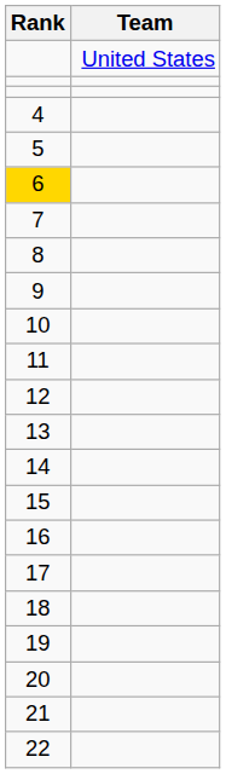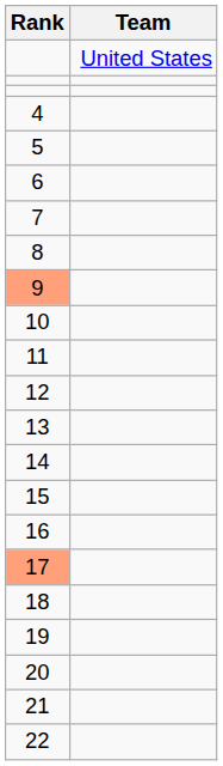 <table class="wikitable sortable" style="text-align:center;">
 <tr>
 <th>Rank</th>
 <th>Team</th>
 </tr>
 <tr>
 <td></td>
 <td align=left> <a href='#'>United States</a></td>
 </tr>
 <tr>
 <td></td>
 <td align=left></td>
 </tr>
 <tr>
 <td></td>
 <td align=left></td>
 </tr>
 <tr>
 <td>4</td>
 <td align=left></td>
 </tr>
 <tr>
 <td>5</td>
 <td align=left></td>
 </tr>
 <tr>
-<td style="background: gold;">6</td>
+<td>6</td>
 <td align=left></td>
 </tr>
 <tr>
 <td>7</td>
 <td align=left></td>
 </tr>
 <tr>
 <td>8</td>
 <td align=left></td>
 </tr>
 <tr>
-<td>9</td>
+<td style="background: lightsalmon;">9</td>
 <td align=left></td>
 </tr>
 <tr>
 <td>10</td>
 <td align=left></td>
 </tr>
 <tr>
 <td>11</td>
 <td align=left></td>
 </tr>
 <tr>
 <td>12</td>
 <td align=left></td>
 </tr>
 <tr>
 <td>13</td>
 <td align=left></td>
 </tr>
 <tr>
 <td>14</td>
 <td align=left></td>
 </tr>
 <tr>
 <td>15</td>
 <td align=left></td>
 </tr>
 <tr>
 <td>16</td>
 <td align=left></td>
 </tr>
 <tr>
-<td>17</td>
+<td style="background: lightsalmon;">17</td>
 <td align=left></td>
 </tr>
 <tr>
 <td>18</td>
 <td align=left></td>
 </tr>
 <tr>
 <td>19</td>
 <td align=left></td>
 </tr>
 <tr>
 <td>20</td>
 <td align=left></td>
 </tr>
 <tr>
 <td>21</td>
 <td align=left></td>
 </tr>
 <tr>
 <td>22</td>
 <td align=left></td>
 </tr>
 </table>
